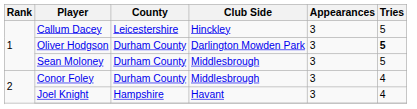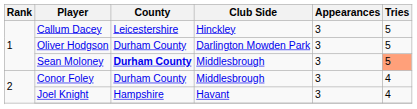 <table class="wikitable">
 <tr>
 <th>Rank</th>
 <th>Player</th>
 <th>County</th>
 <th>Club Side</th>
 <th>Appearances</th>
 <th>Tries</th>
 </tr>
 <tr>
 <td rowspan=3>1</td>
 <td> <a href='#'>Callum Dacey</a></td>
 <td><a href='#'>Leicestershire</a></td>
 <td><a href='#'>Hinckley</a></td>
 <td>3</td>
 <td>5</td>
 </tr>
 <tr>
 <td> <a href='#'>Oliver Hodgson</a></td>
 <td><a href='#'>Durham County</a></td>
 <td><a href='#'>Darlington Mowden Park</a></td>
 <td>3</td>
-<td><strong>5</strong></td>
+<td>5</td>
 </tr>
 <tr>
 <td> <a href='#'>Sean Moloney</a></td>
-<td><a href='#'>Durham County</a></td>
+<td><strong><a href='#'>Durham County</a></strong></td>
 <td><a href='#'>Middlesbrough</a></td>
 <td>3</td>
-<td>5</td>
+<td style="background: lightsalmon;">5</td>
 </tr>
 <tr>
 <td rowspan=3>2</td>
 <td> <a href='#'>Conor Foley</a></td>
 <td><a href='#'>Durham County</a></td>
 <td><a href='#'>Middlesbrough</a></td>
 <td>3</td>
 <td>4</td>
 </tr>
 <tr>
 <td> <a href='#'>Joel Knight</a></td>
 <td><a href='#'>Hampshire</a></td>
 <td><a href='#'>Havant</a></td>
 <td>3</td>
 <td>4</td>
 </tr>
 <tr>
 </tr>
 </table>
